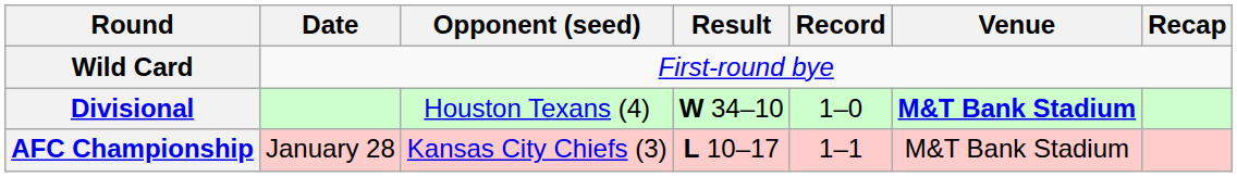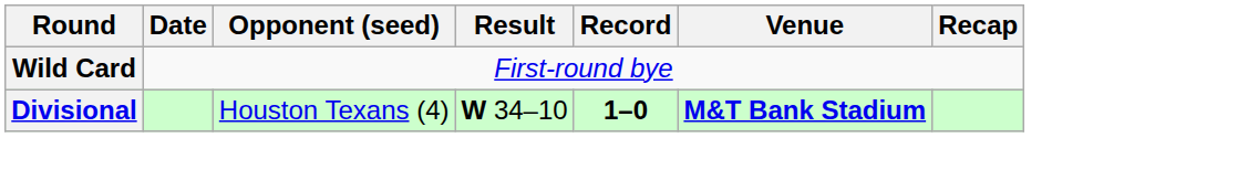 <table class="wikitable" style="text-align:center">
 <tr>
 <th>Round</th>
 <th>Date</th>
 <th>Opponent (seed)</th>
 <th>Result</th>
 <th>Record</th>
 <th>Venue</th>
 <th>Recap</th>
 </tr>
 <tr>
 <th>Wild Card</th>
 <td colspan="6"><em><a href='#'>First-round bye</a></em></td>
 </tr>
 <tr style="background:#cfc">
 <th><a href='#'>Divisional</a></th>
 <td></td>
 <td><a href='#'>Houston Texans</a> (4)</td>
 <td><strong>W</strong> 34–10</td>
-<td>1–0</td>
+<td><strong>1–0</strong></td>
 <td><strong><a href='#'>M&T Bank Stadium</a></strong></td>
 <td></td>
 </tr>
-<tr style="background:#fcc">
-<th><a href='#'>AFC Championship</a></th>
-<td>January 28</td>
-<td><a href='#'>Kansas City Chiefs</a> (3)</td>
-<td><strong>L</strong> 10–17</td>
-<td>1–1</td>
-<td>M&T Bank Stadium</td>
-<td></td>
-</tr>
 </table>
